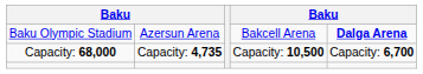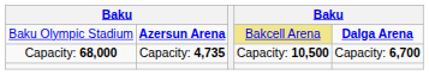 <table class="wikitable" style="text-align:center;margin:1em auto;">
 <tr>
 <th colspan=2><a href='#'>Baku</a></th>
 <th rowspan="5" style="text-align:center;"></th>
 <th colspan=2><a href='#'>Baku</a></th>
 </tr>
 <tr>
 <td><a href='#'>Baku Olympic Stadium</a></td>
-<td><a href='#'>Azersun Arena</a></td>
-<td><a href='#'>Bakcell Arena</a></td>
+<td><strong><a href='#'>Azersun Arena</a></strong></td>
+<td style="background: khaki;"><a href='#'>Bakcell Arena</a></td>
 <td><strong><a href='#'>Dalga Arena</a></strong></td>
 </tr>
 <tr>
 <td>Capacity: <strong>68,000</strong></td>
 <td>Capacity: <strong>4,735</strong></td>
 <td>Capacity: <strong>10,500</strong></td>
 <td>Capacity: <strong>6,700</strong></td>
 </tr>
 <tr>
 <td></td>
 <td></td>
 <td></td>
 <td></td>
 </tr>
 </table>
